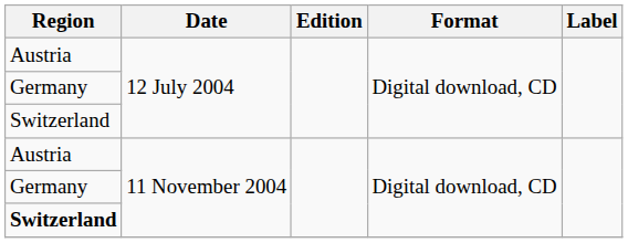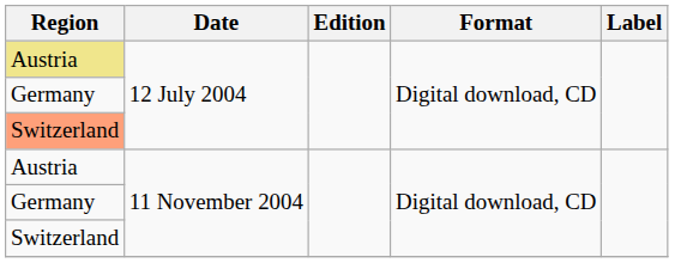 <table class="wikitable">
 <tr>
 <th scope="col">Region</th>
 <th scope="col">Date</th>
 <th scope="col">Edition</th>
 <th scope="col">Format</th>
 <th scope="col">Label</th>
 </tr>
 <tr>
-<td>Austria</td>
+<td style="background: khaki;">Austria</td>
 <td rowspan="3">12 July 2004</td>
 <td rowspan="3"></td>
 <td rowspan="3">Digital download, CD</td>
 <td rowspan="3"></td>
 </tr>
 <tr>
 <td>Germany</td>
 </tr>
 <tr>
-<td>Switzerland</td>
+<td style="background: lightsalmon;">Switzerland</td>
 </tr>
 <tr>
 <td>Austria</td>
 <td rowspan="3">11 November 2004</td>
 <td rowspan="3"></td>
 <td rowspan="3">Digital download, CD</td>
 <td rowspan="3"></td>
 </tr>
 <tr>
 <td>Germany</td>
 </tr>
 <tr>
-<td><strong>Switzerland</strong></td>
+<td>Switzerland</td>
 </tr>
 <tr>
 </tr>
 </table>
